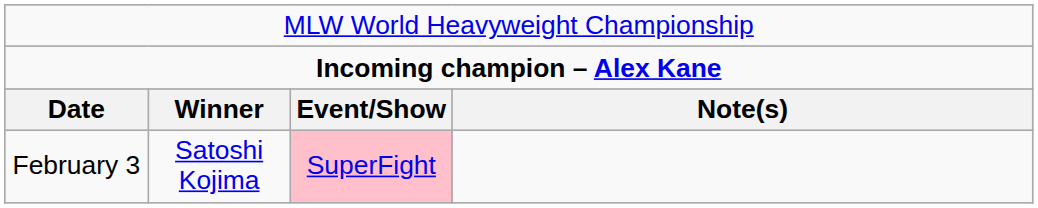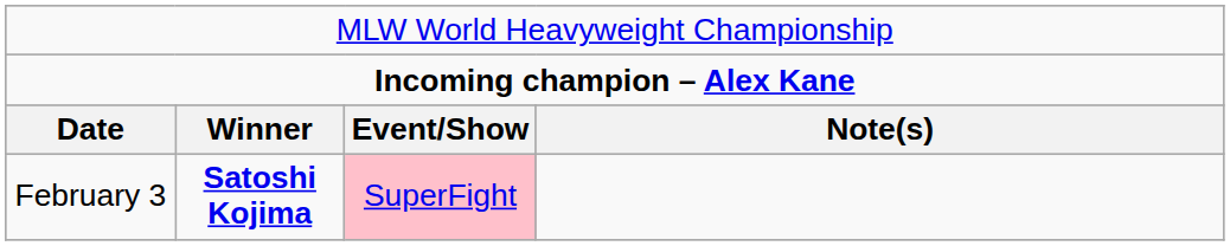 <table class="wikitable" style="text-align:center; width:100%;">
 <tr>
 <td colspan="4" style="text-align: center;"><a href='#'>MLW World Heavyweight Championship</a></td>
 </tr>
 <tr>
 <td colspan="4" style="text-align: center;"><strong>Incoming champion – <a href='#'>Alex Kane</a></strong></td>
 </tr>
 <tr>
 <th width=14%>Date</th>
 <th width=14%>Winner</th>
 <th width=14%>Event/Show</th>
 <th width=58%>Note(s)</th>
 </tr>
 <tr>
 <td>February 3</td>
-<td><a href='#'>Satoshi Kojima</a></td>
+<td><strong><a href='#'>Satoshi Kojima</a></strong></td>
 <td style="background: pink;"><a href='#'>SuperFight</a></td>
 <td></td>
 </tr>
 </table>
